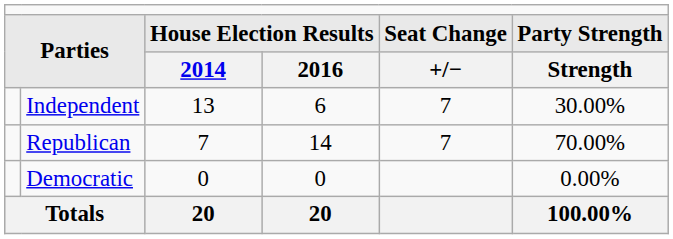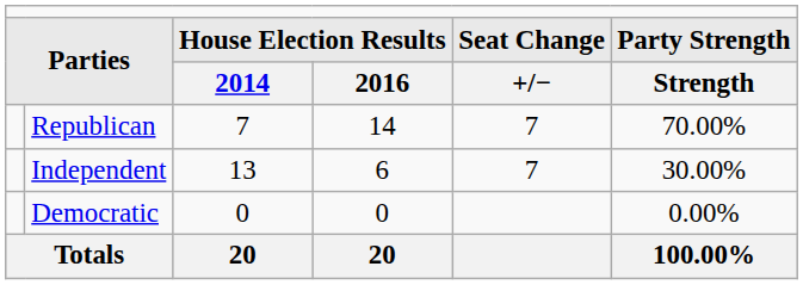 <table class   ="wikitable">
 <tr>
 <td colspan="6"></td>
 </tr>
 <tr>
 <th style   ="background:#e9e9e9; text-align:center" rowspan="2" colspan="2">Parties</th>
 <th style   ="background:#e9e9e9; text-align:center" colspan="2">House Election Results</th>
 <th style   ="background:#e9e9e9; text-align:center" colspan="1">Seat Change</th>
 <th style   ="background:#e9e9e9; text-align:center" colspan="1">Party Strength</th>
 </tr>
 <tr style ="background:#e9e9e9">
 <th><a href='#'>2014</a></th>
 <th>2016</th>
 <th>+/−</th>
 <th>Strength</th>
 </tr>
 <tr>
 <td style="background-color:"> </td>
+<td><a href='#'>Republican</a></td>
+<td align = center>7</td>
+<td align = center>14</td>
+<td align = center>7 </td>
+<td align = center>70.00%</td>
+</tr>
+<tr>
+<td style="background-color:"> </td>
 <td><a href='#'>Independent</a></td>
 <td align = center>13</td>
 <td align = center>6</td>
 <td align = center>7 </td>
 <td align = center>30.00%</td>
-</tr>
-<tr>
-<td style="background-color:"> </td>
-<td><a href='#'>Republican</a></td>
-<td align = center>7</td>
-<td align = center>14</td>
-<td align = center>7 </td>
-<td align = center>70.00%</td>
 </tr>
 <tr>
 <td style="background-color:"> </td>
 <td><a href='#'>Democratic</a></td>
 <td align = center>0</td>
 <td align = center>0</td>
 <td align = center></td>
 <td align = center>0.00%</td>
 </tr>
 <tr style = "background:#ccc">
 <th colspan = "2">Totals</th>
 <th>20</th>
 <th>20</th>
 <th></th>
 <th>100.00%</th>
 </tr>
 </table>
